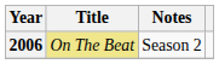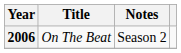 <table class="wikitable sortable plainrowheaders">
 <tr>
 <th scope="col">Year</th>
 <th scope="col">Title</th>
 <th scope="col" class="unsortable">Notes</th>
 <th scope="col" class="unsortable"></th>
 </tr>
 <tr>
 <th scope="row">2006</th>
-<td style="background: khaki;"><em>On The Beat</em></td>
+<td><em>On The Beat</em></td>
 <td>Season 2</td>
 <td></td>
 </tr>
 <tr>
 </tr>
 </table>
